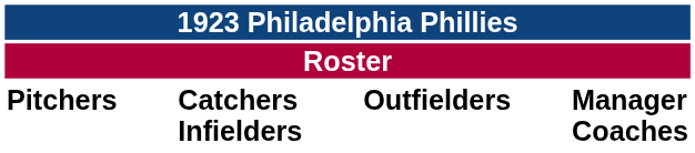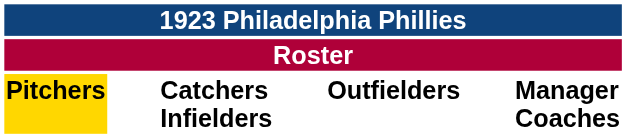 <table class="toccolours" style="font-size: 95%;">
 <tr>
 <th colspan="10" style="background-color: #0f437c; color: white; text-align: center;">1923 Philadelphia Phillies</th>
 </tr>
 <tr>
 <td colspan="10" style="background-color: #af0039; color: white; text-align: center;"><strong>Roster</strong></td>
 </tr>
 <tr>
-<td valign="top"><strong>Pitchers</strong><br>                </td>
+<td valign="top" style="background: gold;"><strong>Pitchers</strong><br>                </td>
 <td width="25px"></td>
 <td valign="top"><strong>Catchers</strong><br>    <strong>Infielders</strong>          </td>
 <td width="25px"></td>
 <td valign="top"><strong>Outfielders</strong><br>     </td>
 <td width="25px"></td>
 <td valign="top"><strong>Manager</strong><br> <strong>Coaches</strong> </td>
 </tr>
 </table>
